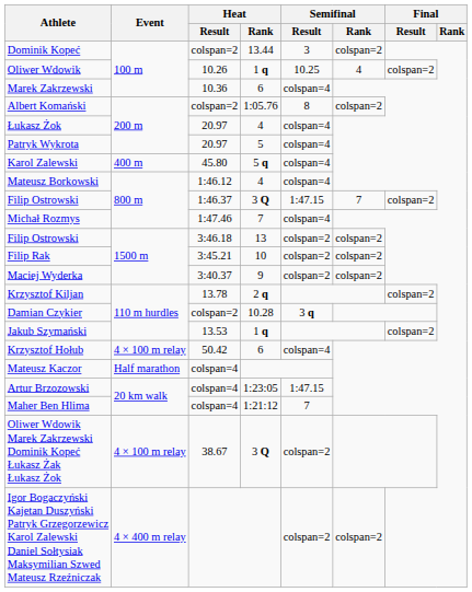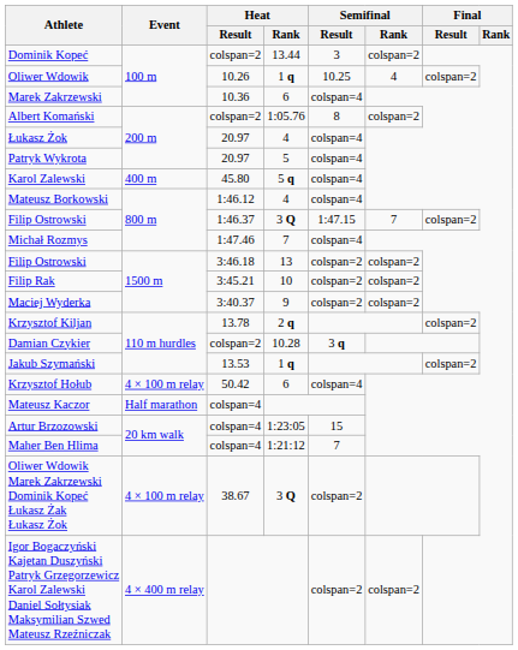 <table class="wikitable" style="font-size:90%">
 <tr>
 <th rowspan="2">Athlete</th>
 <th rowspan="2">Event</th>
 <th colspan="2">Heat</th>
 <th colspan="2">Semifinal</th>
 <th colspan="2">Final</th>
 </tr>
 <tr style="font-size:95%">
 <th>Result</th>
 <th>Rank</th>
 <th>Result</th>
 <th>Rank</th>
 <th>Result</th>
 <th>Rank</th>
 </tr>
 <tr align=center>
 <td align=left><a href='#'>Dominik Kopeć</a></td>
 <td align=left rowspan=3><a href='#'>100 m</a></td>
 <td>colspan=2 </td>
 <td>13.44</td>
 <td>3</td>
 <td>colspan=2 </td>
 </tr>
 <tr align=center>
 <td align=left><a href='#'>Oliwer Wdowik</a></td>
 <td>10.26</td>
 <td>1 <strong>q</strong></td>
 <td>10.25</td>
 <td>4</td>
 <td>colspan=2 </td>
 </tr>
 <tr align=center>
 <td align=left><a href='#'>Marek Zakrzewski</a></td>
 <td>10.36</td>
 <td>6</td>
 <td>colspan=4 </td>
 </tr>
 <tr align=center>
 <td align=left><a href='#'>Albert Komański</a></td>
 <td align=left rowspan=3><a href='#'>200 m</a></td>
 <td>colspan=2 </td>
 <td>1:05.76</td>
 <td>8</td>
 <td>colspan=2 </td>
 </tr>
 <tr align=center>
 <td align=left><a href='#'>Łukasz Żok</a></td>
 <td>20.97</td>
 <td>4</td>
 <td>colspan=4 </td>
 </tr>
 <tr align=center>
 <td align=left><a href='#'>Patryk Wykrota</a></td>
 <td>20.97</td>
 <td>5</td>
 <td>colspan=4 </td>
 </tr>
 <tr align=center>
 <td align=left><a href='#'>Karol Zalewski</a></td>
 <td align=left><a href='#'>400 m</a></td>
 <td>45.80 </td>
 <td>5 <strong>q</strong></td>
 <td>colspan=4 </td>
 </tr>
 <tr align=center>
 <td align=left><a href='#'>Mateusz Borkowski</a></td>
 <td align=left rowspan=3><a href='#'>800 m</a></td>
 <td>1:46.12</td>
 <td>4</td>
 <td>colspan=4 </td>
 </tr>
 <tr align=center>
 <td align=left><a href='#'>Filip Ostrowski</a></td>
 <td>1:46.37</td>
 <td>3 <strong>Q</strong></td>
 <td>1:47.15</td>
 <td>7</td>
 <td>colspan=2 </td>
 </tr>
 <tr align=center>
 <td align=left><a href='#'>Michał Rozmys</a></td>
 <td>1:47.46</td>
 <td>7</td>
 <td>colspan=4 </td>
 </tr>
 <tr align=center>
 <td align=left><a href='#'>Filip Ostrowski</a></td>
 <td align=left rowspan=3><a href='#'>1500 m</a></td>
 <td>3:46.18</td>
 <td>13</td>
 <td>colspan=2 </td>
 <td>colspan=2 </td>
 </tr>
 <tr align=center>
 <td align=left><a href='#'>Filip Rak</a></td>
 <td>3:45.21</td>
 <td>10</td>
 <td>colspan=2 </td>
 <td>colspan=2 </td>
 </tr>
 <tr align=center>
 <td align=left><a href='#'>Maciej Wyderka</a></td>
 <td>3:40.37</td>
 <td>9</td>
 <td>colspan=2 </td>
 <td>colspan=2 </td>
 </tr>
 <tr align=center>
 <td align=left><a href='#'>Krzysztof Kiljan</a></td>
 <td align=left rowspan=3><a href='#'>110 m hurdles</a></td>
 <td>13.78</td>
 <td>2 <strong>q</strong></td>
 <td colspan=2></td>
 <td>colspan=2 </td>
 </tr>
 <tr align=center>
 <td align=left><a href='#'>Damian Czykier</a></td>
 <td>colspan=2 </td>
 <td>10.28</td>
 <td>3 <strong>q</strong></td>
 <td colspan=2></td>
 </tr>
 <tr align=center>
 <td align=left><a href='#'>Jakub Szymański</a></td>
 <td>13.53</td>
 <td>1 <strong>q</strong></td>
 <td colspan=2></td>
 <td>colspan=2 </td>
 </tr>
 <tr align=center>
 <td align=left><a href='#'>Krzysztof Hołub</a></td>
 <td align=left><a href='#'>4 × 100 m relay</a></td>
 <td>50.42</td>
 <td>6</td>
 <td>colspan=4 </td>
 </tr>
 <tr align=center>
 <td align=left><a href='#'>Mateusz Kaczor</a></td>
 <td align=left><a href='#'>Half marathon</a></td>
 <td>colspan=4 </td>
 <td colspan=2></td>
 </tr>
 <tr align=center>
 <td align=left><a href='#'>Artur Brzozowski</a></td>
 <td align=left rowspan=2><a href='#'>20 km walk</a></td>
 <td>colspan=4 </td>
 <td>1:23:05</td>
-<td>1:47.15</td>
+<td>15</td>
 </tr>
 <tr align=center>
 <td align=left><a href='#'>Maher Ben Hlima</a></td>
 <td>colspan=4 </td>
 <td>1:21:12</td>
 <td>7</td>
 </tr>
 <tr align=center>
 <td align=left><a href='#'>Oliwer Wdowik</a><br> <a href='#'>Marek Zakrzewski</a><br> <a href='#'>Dominik Kopeć</a><br> <a href='#'>Łukasz Żak</a><br><a href='#'>Łukasz Żok</a></td>
 <td align=left><a href='#'>4 × 100 m relay</a></td>
 <td>38.67 </td>
 <td>3 <strong>Q</strong></td>
 <td>colspan=2 </td>
 <td colspan=2></td>
 </tr>
 <tr align=center>
 <td align=left><a href='#'>Igor Bogaczyński</a><br> <a href='#'>Kajetan Duszyński</a><br> <a href='#'>Patryk Grzegorzewicz</a><br> <a href='#'>Karol Zalewski</a><br><a href='#'>Daniel Sołtysiak</a><br><a href='#'>Maksymilian Szwed</a><br><a href='#'>Mateusz Rzeźniczak</a></td>
 <td align=left><a href='#'>4 × 400 m relay</a></td>
 <td colspan=2></td>
 <td>colspan=2 </td>
 <td>colspan=2 </td>
 </tr>
 </table>
